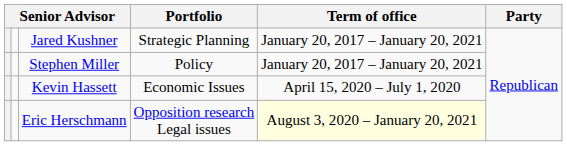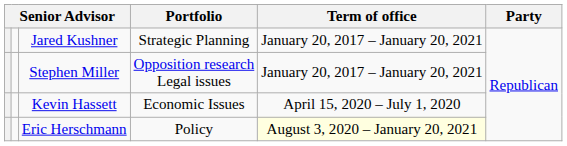 <table class="wikitable" style="text-align:center">
 <tr>
 <th colspan="3">Senior Advisor</th>
 <th>Portfolio</th>
 <th>Term of office</th>
 <th>Party</th>
 </tr>
 <tr>
 <th style="background:"></th>
 <td></td>
 <td><a href='#'>Jared Kushner</a><br></td>
 <td>Strategic Planning</td>
 <td>January 20, 2017 – January 20, 2021</td>
 <td rowspan="4"><a href='#'>Republican</a></td>
 </tr>
 <tr>
 <th style="background:"></th>
 <td></td>
 <td><a href='#'>Stephen Miller</a><br></td>
-<td>Policy</td>
+<td><a href='#'>Opposition research</a><br>Legal issues</td>
 <td>January 20, 2017 – January 20, 2021</td>
 </tr>
 <tr>
 <th style="background:"></th>
 <td></td>
 <td><a href='#'>Kevin Hassett</a><br></td>
 <td>Economic Issues</td>
 <td>April 15, 2020 – July 1, 2020</td>
 </tr>
 <tr>
 <th style="background:"></th>
 <td></td>
 <td><a href='#'>Eric Herschmann</a><br></td>
-<td><a href='#'>Opposition research</a><br>Legal issues</td>
+<td>Policy</td>
 <td style="background: lightyellow;">August 3, 2020 – January 20, 2021</td>
 </tr>
 </table>
